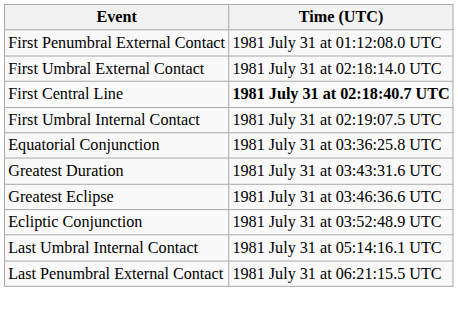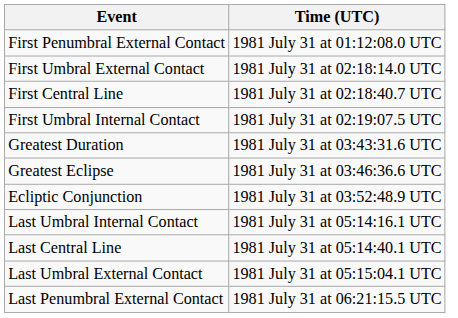 <table class="wikitable">
 <tr>
 <th>Event</th>
 <th>Time (UTC)</th>
 </tr>
 <tr>
 <td>First Penumbral External Contact</td>
 <td>1981 July 31 at 01:12:08.0 UTC</td>
 </tr>
 <tr>
 <td>First Umbral External Contact</td>
 <td>1981 July 31 at 02:18:14.0 UTC</td>
 </tr>
 <tr>
 <td>First Central Line</td>
-<td><strong>1981 July 31 at 02:18:40.7 UTC</strong></td>
+<td>1981 July 31 at 02:18:40.7 UTC</td>
 </tr>
 <tr>
 <td>First Umbral Internal Contact</td>
 <td>1981 July 31 at 02:19:07.5 UTC</td>
-</tr>
-<tr>
-<td>Equatorial Conjunction</td>
-<td>1981 July 31 at 03:36:25.8 UTC</td>
 </tr>
 <tr>
 <td>Greatest Duration</td>
 <td>1981 July 31 at 03:43:31.6 UTC</td>
 </tr>
 <tr>
 <td>Greatest Eclipse</td>
 <td>1981 July 31 at 03:46:36.6 UTC</td>
 </tr>
 <tr>
 <td>Ecliptic Conjunction</td>
 <td>1981 July 31 at 03:52:48.9 UTC</td>
 </tr>
 <tr>
 <td>Last Umbral Internal Contact</td>
 <td>1981 July 31 at 05:14:16.1 UTC</td>
 </tr>
 <tr>
+<td>Last Central Line</td>
+<td>1981 July 31 at 05:14:40.1 UTC</td>
+</tr>
+<tr>
+<td>Last Umbral External Contact</td>
+<td>1981 July 31 at 05:15:04.1 UTC</td>
+</tr>
+<tr>
 <td>Last Penumbral External Contact</td>
 <td>1981 July 31 at 06:21:15.5 UTC</td>
 </tr>
 </table>
